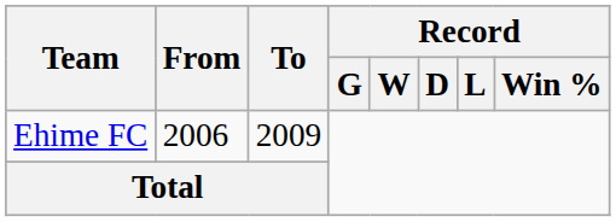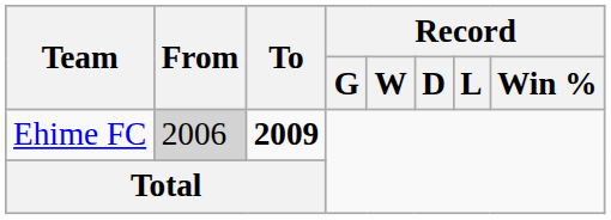 <table class="wikitable" style="text-align: center">
 <tr>
 <th rowspan="2">Team</th>
 <th rowspan="2">From</th>
 <th rowspan="2">To</th>
 <th colspan="5">Record</th>
 </tr>
 <tr>
 <th>G</th>
 <th>W</th>
 <th>D</th>
 <th>L</th>
 <th>Win %</th>
 </tr>
 <tr>
 <td align="left"><a href='#'>Ehime FC</a></td>
-<td align="left">2006</td>
-<td align="left">2009<br></td>
+<td align="left" style="background: lightgrey;">2006</td>
+<td align="left"><strong>2009<br></strong></td>
 </tr>
 <tr>
 <th colspan="3">Total<br></th>
 </tr>
 </table>
